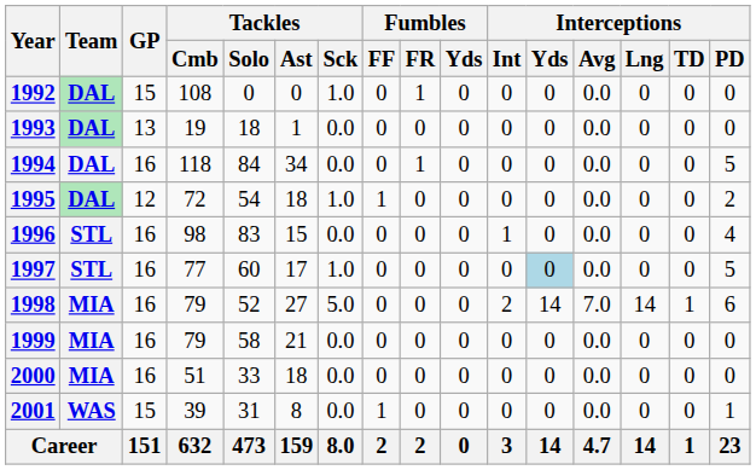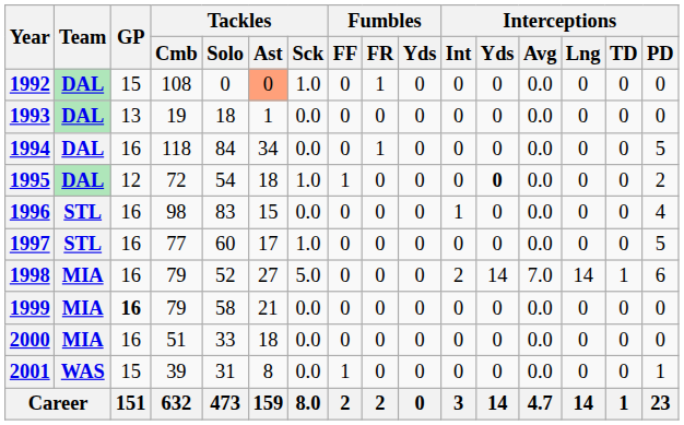 <table class="wikitable" style="text-align: center;">
 <tr>
 <th rowspan="2">Year</th>
 <th rowspan="2">Team</th>
 <th rowspan="2">GP</th>
 <th colspan="4">Tackles</th>
 <th colspan="3">Fumbles</th>
 <th colspan="6">Interceptions</th>
 </tr>
 <tr>
 <th>Cmb</th>
 <th>Solo</th>
 <th>Ast</th>
 <th>Sck</th>
 <th>FF</th>
 <th>FR</th>
 <th>Yds</th>
 <th>Int</th>
 <th>Yds</th>
 <th>Avg</th>
 <th>Lng</th>
 <th>TD</th>
 <th>PD</th>
 </tr>
 <tr>
 <th><a href='#'>1992</a></th>
 <th ! style="background:#afe6ba;"><a href='#'>DAL</a></th>
 <td>15</td>
 <td>108</td>
 <td>0</td>
-<td>0</td>
+<td style="background: lightsalmon;">0</td>
 <td>1.0</td>
 <td>0</td>
 <td>1</td>
 <td>0</td>
 <td>0</td>
 <td>0</td>
 <td>0.0</td>
 <td>0</td>
 <td>0</td>
 <td>0</td>
 </tr>
 <tr>
 <th><a href='#'>1993</a></th>
 <th ! style="background:#afe6ba;"><a href='#'>DAL</a></th>
 <td>13</td>
 <td>19</td>
 <td>18</td>
 <td>1</td>
 <td>0.0</td>
 <td>0</td>
 <td>0</td>
 <td>0</td>
 <td>0</td>
 <td>0</td>
 <td>0.0</td>
 <td>0</td>
 <td>0</td>
 <td>0</td>
 </tr>
 <tr>
 <th><a href='#'>1994</a></th>
 <th><a href='#'>DAL</a></th>
 <td>16</td>
 <td>118</td>
 <td>84</td>
 <td>34</td>
 <td>0.0</td>
 <td>0</td>
 <td>1</td>
 <td>0</td>
 <td>0</td>
 <td>0</td>
 <td>0.0</td>
 <td>0</td>
 <td>0</td>
 <td>5</td>
 </tr>
 <tr>
 <th><a href='#'>1995</a></th>
 <th ! style="background:#afe6ba;"><a href='#'>DAL</a></th>
 <td>12</td>
 <td>72</td>
 <td>54</td>
 <td>18</td>
 <td>1.0</td>
 <td>1</td>
 <td>0</td>
 <td>0</td>
 <td>0</td>
-<td>0</td>
+<td><strong>0</strong></td>
 <td>0.0</td>
 <td>0</td>
 <td>0</td>
 <td>2</td>
 </tr>
 <tr>
 <th><a href='#'>1996</a></th>
 <th><a href='#'>STL</a></th>
 <td>16</td>
 <td>98</td>
 <td>83</td>
 <td>15</td>
 <td>0.0</td>
 <td>0</td>
 <td>0</td>
 <td>0</td>
 <td>1</td>
 <td>0</td>
 <td>0.0</td>
 <td>0</td>
 <td>0</td>
 <td>4</td>
 </tr>
 <tr>
 <th><a href='#'>1997</a></th>
 <th><a href='#'>STL</a></th>
 <td>16</td>
 <td>77</td>
 <td>60</td>
 <td>17</td>
 <td>1.0</td>
 <td>0</td>
 <td>0</td>
 <td>0</td>
 <td>0</td>
-<td style="background: lightblue;">0</td>
+<td>0</td>
 <td>0.0</td>
 <td>0</td>
 <td>0</td>
 <td>5</td>
 </tr>
 <tr>
 <th><a href='#'>1998</a></th>
 <th><a href='#'>MIA</a></th>
 <td>16</td>
 <td>79</td>
 <td>52</td>
 <td>27</td>
 <td>5.0</td>
 <td>0</td>
 <td>0</td>
 <td>0</td>
 <td>2</td>
 <td>14</td>
 <td>7.0</td>
 <td>14</td>
 <td>1</td>
 <td>6</td>
 </tr>
 <tr>
 <th><a href='#'>1999</a></th>
 <th><a href='#'>MIA</a></th>
-<td>16</td>
+<td><strong>16</strong></td>
 <td>79</td>
 <td>58</td>
 <td>21</td>
 <td>0.0</td>
 <td>0</td>
 <td>0</td>
 <td>0</td>
 <td>0</td>
 <td>0</td>
 <td>0.0</td>
 <td>0</td>
 <td>0</td>
 <td>0</td>
 </tr>
 <tr>
 <th><a href='#'>2000</a></th>
 <th><a href='#'>MIA</a></th>
 <td>16</td>
 <td>51</td>
 <td>33</td>
 <td>18</td>
 <td>0.0</td>
 <td>0</td>
 <td>0</td>
 <td>0</td>
 <td>0</td>
 <td>0</td>
 <td>0.0</td>
 <td>0</td>
 <td>0</td>
 <td>0</td>
 </tr>
 <tr>
 <th><a href='#'>2001</a></th>
 <th><a href='#'>WAS</a></th>
 <td>15</td>
 <td>39</td>
 <td>31</td>
 <td>8</td>
 <td>0.0</td>
 <td>1</td>
 <td>0</td>
 <td>0</td>
 <td>0</td>
 <td>0</td>
 <td>0.0</td>
 <td>0</td>
 <td>0</td>
 <td>1</td>
 </tr>
 <tr>
 <th colspan="2">Career</th>
 <th>151</th>
 <th>632</th>
 <th>473</th>
 <th>159</th>
 <th>8.0</th>
 <th>2</th>
 <th>2</th>
 <th>0</th>
 <th>3</th>
 <th>14</th>
 <th>4.7</th>
 <th>14</th>
 <th>1</th>
 <th>23</th>
 </tr>
 </table>
